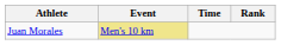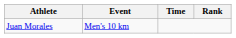 <table class="wikitable" style="text-align:center; font-size:90%; width:30%;">
 <tr>
 <th>Athlete</th>
 <th>Event</th>
 <th>Time</th>
 <th>Rank</th>
 </tr>
 <tr>
 <td align=left><a href='#'>Juan Morales</a></td>
-<td align=left style="background: khaki;"><a href='#'>Men's 10 km</a></td>
+<td align=left><a href='#'>Men's 10 km</a></td>
 <td colspan=2></td>
 </tr>
 </table>
